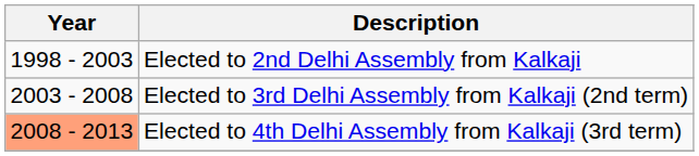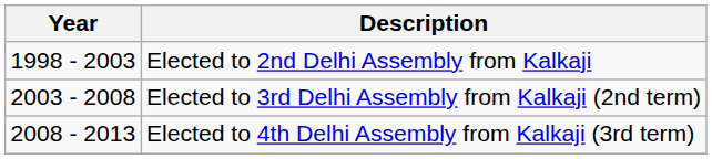 <table class="wikitable">
 <tr>
 <th>Year</th>
 <th>Description</th>
 </tr>
 <tr>
 <td>1998 - 2003</td>
 <td>Elected to <a href='#'>2nd Delhi Assembly</a> from <a href='#'>Kalkaji</a></td>
 </tr>
 <tr>
 <td>2003 - 2008</td>
 <td>Elected to <a href='#'>3rd Delhi Assembly</a> from <a href='#'>Kalkaji</a> (2nd term)</td>
 </tr>
 <tr>
-<td style="background: lightsalmon;">2008 - 2013</td>
+<td>2008 - 2013</td>
 <td>Elected to <a href='#'>4th Delhi Assembly</a> from <a href='#'>Kalkaji</a> (3rd term)</td>
 </tr>
 <tr>
 </tr>
 </table>
